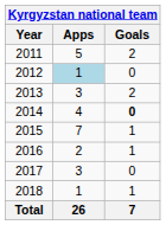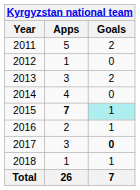 <table class="wikitable" style="text-align:center">
 <tr>
 <th colspan=3><a href='#'>Kyrgyzstan national team</a></th>
 </tr>
 <tr>
 <th>Year</th>
 <th>Apps</th>
 <th>Goals</th>
 </tr>
 <tr>
 <td>2011</td>
 <td>5</td>
 <td>2</td>
 </tr>
 <tr>
 <td>2012</td>
-<td style="background: lightblue;">1</td>
+<td>1</td>
 <td>0</td>
 </tr>
 <tr>
 <td>2013</td>
 <td>3</td>
 <td>2</td>
 </tr>
 <tr>
 <td>2014</td>
 <td>4</td>
-<td><strong>0</strong></td>
+<td>0</td>
 </tr>
 <tr>
 <td>2015</td>
-<td>7</td>
-<td>1</td>
+<td><strong>7</strong></td>
+<td style="background: paleturquoise;">1</td>
 </tr>
 <tr>
 <td>2016</td>
 <td>2</td>
 <td>1</td>
 </tr>
 <tr>
 <td>2017</td>
 <td>3</td>
-<td>0</td>
+<td><strong>0</strong></td>
 </tr>
 <tr>
 <td>2018</td>
 <td>1</td>
 <td>1</td>
 </tr>
 <tr>
 <th>Total</th>
 <th>26</th>
 <th>7</th>
 </tr>
 </table>
